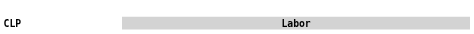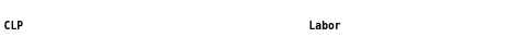 <table style="width:60%; text-align:center;">
 <tr style="color:white;">
 <td style="background:"><strong>18</strong></td>
 <td style="background:"><strong>7</strong></td>
 </tr>
 <tr>
 <td><span><strong>CLP</strong></span></td>
-<td style="background: lightgrey;"><span><strong>Labor</strong></span></td>
+<td><span><strong>Labor</strong></span></td>
 </tr>
 </table>
